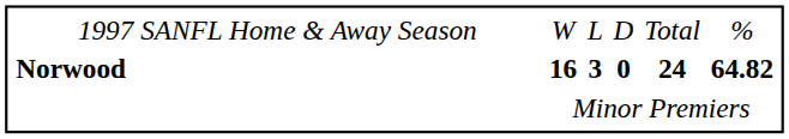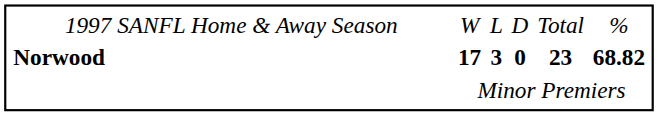 <table style="margin-right:4px; margin-top:8px; float:right; border:1px #000 solid; background:#fff; font-family:Verdana; font-size:8pt; text-align:center;">
 <tr>
 <td width=200><em>1997 SANFL Home & Away Season</em></td>
 <td><em>W</em></td>
 <td><em>L</em></td>
 <td><em>D</em></td>
 <td><em>Total</em></td>
 <td><em>%</em></td>
 </tr>
 <tr>
 <td style="text-align:left"><strong>Norwood</strong></td>
-<td><strong>16</strong></td>
+<td><strong>17</strong></td>
 <td><strong>3</strong></td>
 <td><strong>0</strong></td>
-<td><strong>24</strong></td>
-<td><strong>64.82</strong></td>
+<td><strong>23</strong></td>
+<td><strong>68.82</strong></td>
 </tr>
 <tr>
 <td></td>
 <td colspan=9><em>Minor Premiers</em></td>
 </tr>
 </table>
